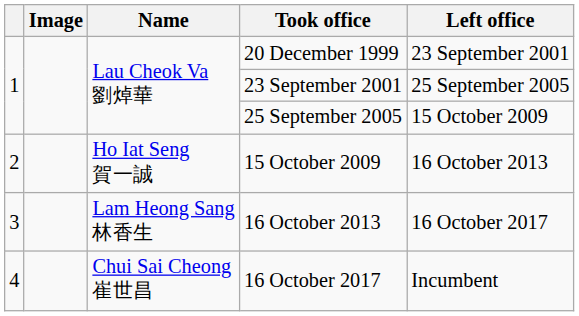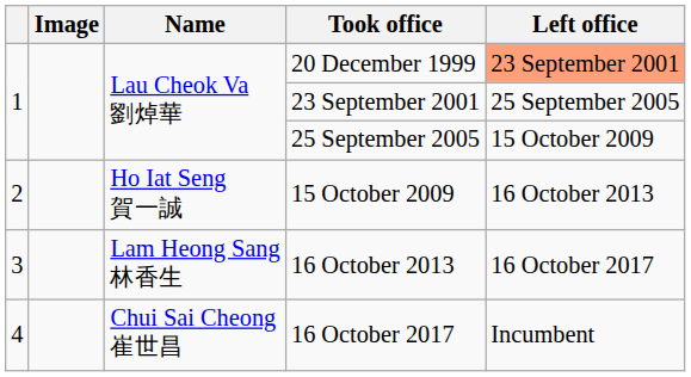 <table class="wikitable sortable">
 <tr>
 <th></th>
 <th>Image</th>
 <th>Name</th>
 <th>Took office</th>
 <th>Left office</th>
 </tr>
 <tr>
 <td rowspan=3>1</td>
 <td rowspan=3></td>
 <td rowspan=3><a href='#'>Lau Cheok Va</a><br>劉焯華</td>
 <td>20 December 1999</td>
-<td>23 September 2001</td>
+<td style="background: lightsalmon;">23 September 2001</td>
 </tr>
 <tr>
 <td>23 September 2001</td>
 <td>25 September 2005</td>
 </tr>
 <tr>
 <td>25 September 2005</td>
 <td>15 October 2009</td>
 </tr>
 <tr>
 <td>2</td>
 <td></td>
 <td><a href='#'>Ho Iat Seng</a><br>賀一誠</td>
 <td>15 October 2009</td>
 <td>16 October 2013</td>
 </tr>
 <tr>
 <td>3</td>
 <td></td>
 <td><a href='#'>Lam Heong Sang</a><br>林香生</td>
 <td>16 October 2013</td>
 <td>16 October 2017</td>
 </tr>
 <tr>
 <td>4</td>
 <td></td>
 <td><a href='#'>Chui Sai Cheong</a><br>崔世昌</td>
 <td>16 October 2017</td>
 <td>Incumbent</td>
 </tr>
 </table>
